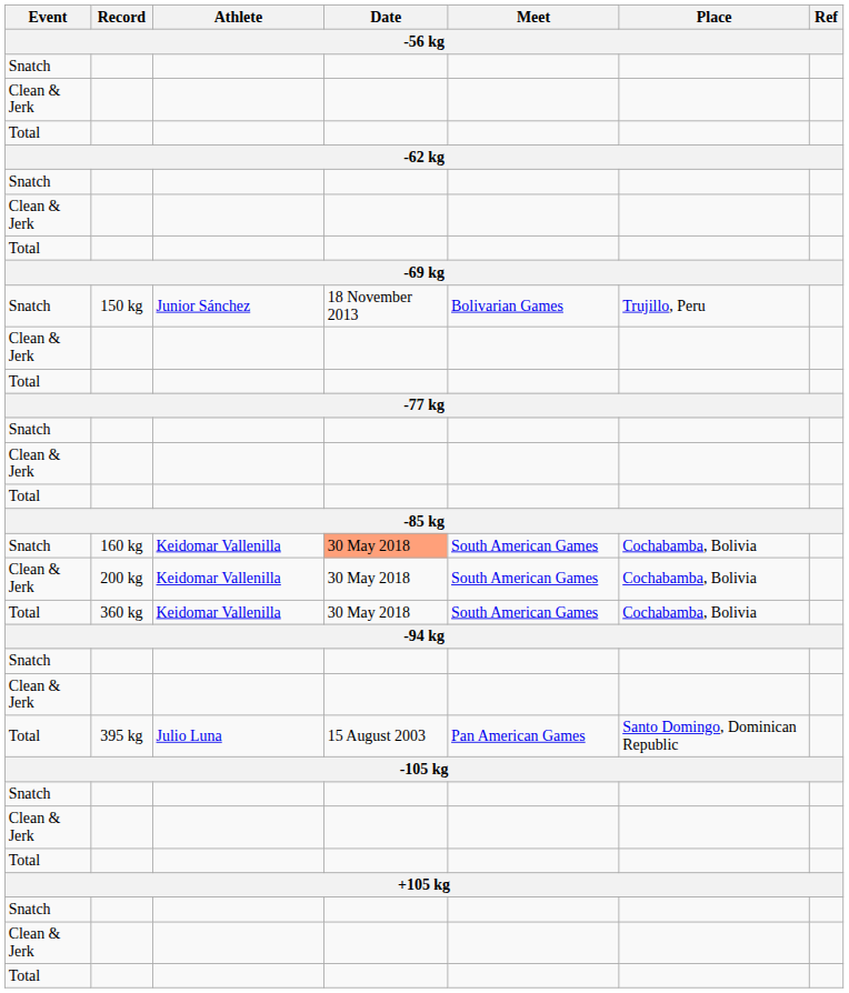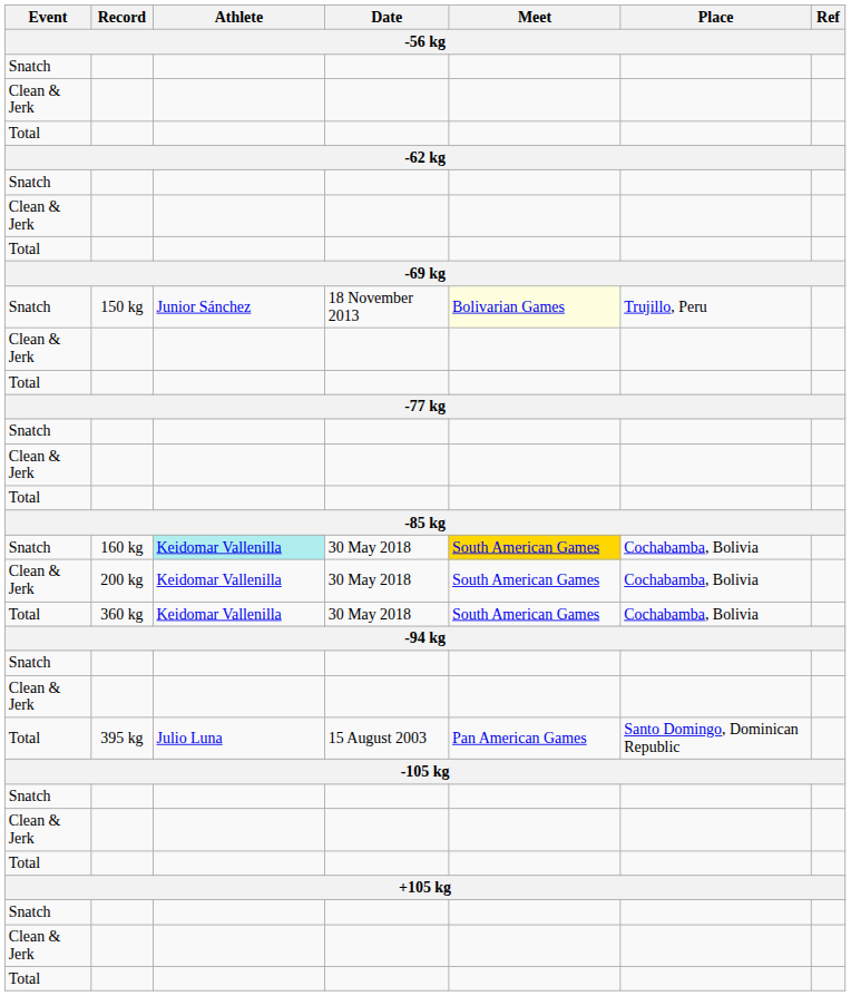 <table class="wikitable">
 <tr>
 <th width=9%>Event</th>
 <th width=6%>Record</th>
 <th width=18%>Athlete</th>
 <th width=13%>Date</th>
 <th width=18%>Meet</th>
 <th width=20%>Place</th>
 <th width=3%>Ref</th>
 </tr>
 <tr bgcolor="#DDDDDD">
 <th colspan="8">-56 kg</th>
 </tr>
 <tr>
 <td>Snatch</td>
 <td></td>
 <td></td>
 <td></td>
 <td></td>
 <td></td>
 <td></td>
 </tr>
 <tr>
 <td>Clean & Jerk</td>
 <td align="center"></td>
 <td></td>
 <td></td>
 <td></td>
 <td></td>
 <td></td>
 </tr>
 <tr>
 <td>Total</td>
 <td align="center"></td>
 <td></td>
 <td></td>
 <td></td>
 <td></td>
 <td></td>
 </tr>
 <tr bgcolor="#DDDDDD">
 <th colspan="8">-62 kg</th>
 </tr>
 <tr>
 <td>Snatch</td>
 <td></td>
 <td></td>
 <td></td>
 <td></td>
 <td></td>
 <td></td>
 </tr>
 <tr>
 <td>Clean & Jerk</td>
 <td></td>
 <td></td>
 <td></td>
 <td></td>
 <td></td>
 <td></td>
 </tr>
 <tr>
 <td>Total</td>
 <td></td>
 <td></td>
 <td></td>
 <td></td>
 <td></td>
 <td></td>
 </tr>
 <tr bgcolor="#DDDDDD">
 <th colspan="8">-69 kg</th>
 </tr>
 <tr>
 <td>Snatch</td>
 <td align="center">150 kg</td>
 <td><a href='#'>Junior Sánchez</a></td>
 <td>18 November 2013</td>
-<td><a href='#'>Bolivarian Games</a></td>
+<td style="background: lightyellow;"><a href='#'>Bolivarian Games</a></td>
 <td><a href='#'>Trujillo</a>, Peru</td>
 <td></td>
 </tr>
 <tr>
 <td>Clean & Jerk</td>
 <td align="center"></td>
 <td></td>
 <td></td>
 <td></td>
 <td></td>
 <td></td>
 </tr>
 <tr>
 <td>Total</td>
 <td></td>
 <td></td>
 <td></td>
 <td></td>
 <td></td>
 <td></td>
 </tr>
 <tr bgcolor="#DDDDDD">
 <th colspan="8">-77 kg</th>
 </tr>
 <tr>
 <td>Snatch</td>
 <td></td>
 <td></td>
 <td></td>
 <td></td>
 <td></td>
 <td></td>
 </tr>
 <tr>
 <td>Clean & Jerk</td>
 <td></td>
 <td></td>
 <td></td>
 <td></td>
 <td></td>
 <td></td>
 </tr>
 <tr>
 <td>Total</td>
 <td></td>
 <td></td>
 <td></td>
 <td></td>
 <td></td>
 <td></td>
 </tr>
 <tr bgcolor="#DDDDDD">
 <th colspan="8">-85 kg</th>
 </tr>
 <tr>
 <td>Snatch</td>
 <td align="center">160 kg</td>
-<td><a href='#'>Keidomar Vallenilla</a></td>
-<td style="background: lightsalmon;">30 May 2018</td>
-<td><a href='#'>South American Games</a></td>
+<td style="background: paleturquoise;"><a href='#'>Keidomar Vallenilla</a></td>
+<td>30 May 2018</td>
+<td style="background: gold;"><a href='#'>South American Games</a></td>
 <td><a href='#'>Cochabamba</a>, Bolivia</td>
 <td></td>
 </tr>
 <tr>
 <td>Clean & Jerk</td>
 <td align="center">200 kg</td>
 <td><a href='#'>Keidomar Vallenilla</a></td>
 <td>30 May 2018</td>
 <td><a href='#'>South American Games</a></td>
 <td><a href='#'>Cochabamba</a>, Bolivia</td>
 <td></td>
 </tr>
 <tr>
 <td>Total</td>
 <td align="center">360 kg</td>
 <td><a href='#'>Keidomar Vallenilla</a></td>
 <td>30 May 2018</td>
 <td><a href='#'>South American Games</a></td>
 <td><a href='#'>Cochabamba</a>, Bolivia</td>
 <td></td>
 </tr>
 <tr bgcolor="#DDDDDD">
 <th colspan="8">-94 kg</th>
 </tr>
 <tr>
 <td>Snatch</td>
 <td align="center"></td>
 <td></td>
 <td></td>
 <td></td>
 <td></td>
 <td></td>
 </tr>
 <tr>
 <td>Clean & Jerk</td>
 <td align="center"></td>
 <td></td>
 <td></td>
 <td></td>
 <td></td>
 <td></td>
 </tr>
 <tr>
 <td>Total</td>
 <td align="center">395 kg</td>
 <td><a href='#'>Julio Luna</a></td>
 <td>15 August 2003</td>
 <td><a href='#'>Pan American Games</a></td>
 <td><a href='#'>Santo Domingo</a>, Dominican Republic</td>
 <td></td>
 </tr>
 <tr bgcolor="#DDDDDD">
 <th colspan="8">-105 kg</th>
 </tr>
 <tr>
 <td>Snatch</td>
 <td></td>
 <td></td>
 <td></td>
 <td></td>
 <td></td>
 <td></td>
 </tr>
 <tr>
 <td>Clean & Jerk</td>
 <td align="center"></td>
 <td></td>
 <td></td>
 <td></td>
 <td></td>
 <td></td>
 </tr>
 <tr>
 <td>Total</td>
 <td></td>
 <td></td>
 <td></td>
 <td></td>
 <td></td>
 <td></td>
 </tr>
 <tr bgcolor="#DDDDDD">
 <th colspan="8">+105 kg</th>
 </tr>
 <tr>
 <td>Snatch</td>
 <td></td>
 <td></td>
 <td></td>
 <td></td>
 <td></td>
 <td></td>
 </tr>
 <tr>
 <td>Clean & Jerk</td>
 <td></td>
 <td></td>
 <td></td>
 <td></td>
 <td></td>
 <td></td>
 </tr>
 <tr>
 <td>Total</td>
 <td></td>
 <td></td>
 <td></td>
 <td></td>
 <td></td>
 <td></td>
 </tr>
 </table>
